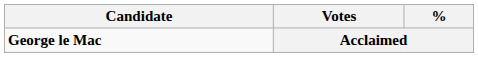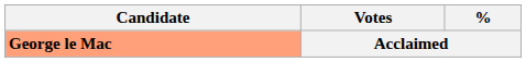 <table style="width:500px;" class="wikitable">
 <tr>
 <th align="center">Candidate</th>
 <th align="center">Votes</th>
 <th align="center">%</th>
 </tr>
 <tr>
-<td align="left"><strong>George le Mac</strong></td>
+<td align="left" style="background: lightsalmon;"><strong>George le Mac</strong></td>
 <th colspan=2>Acclaimed</th>
 </tr>
 </table>
